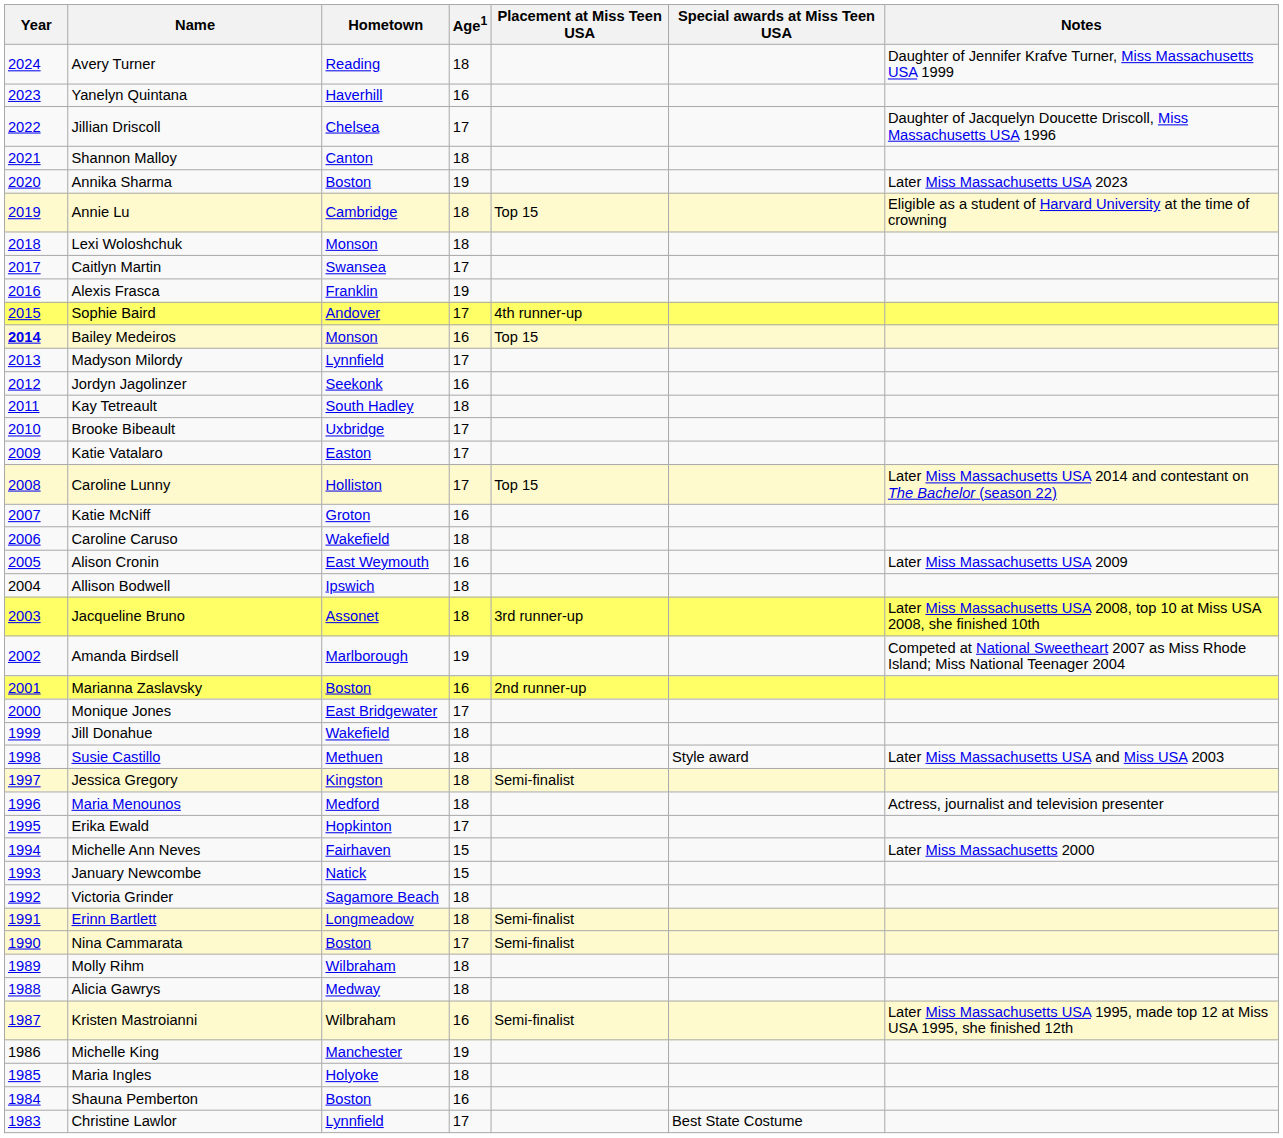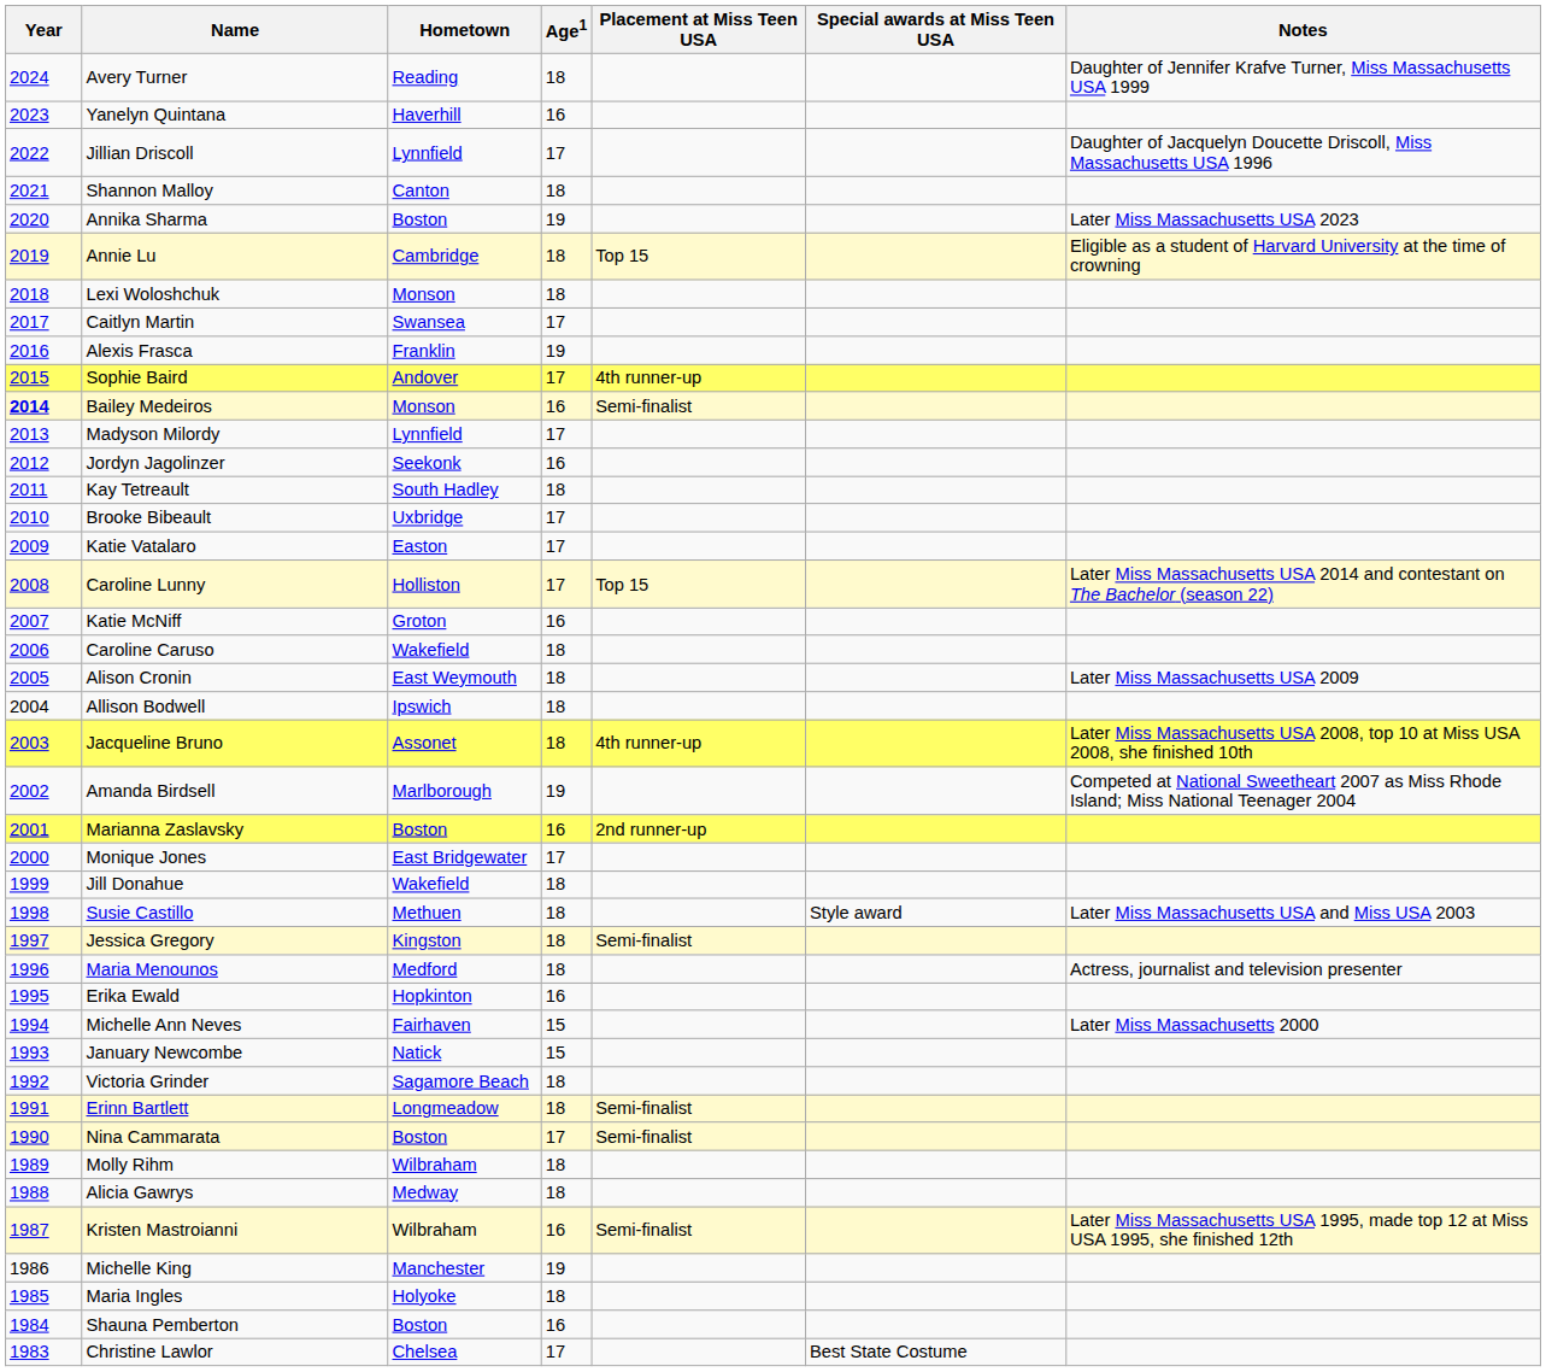 <table class="wikitable sortable" style="font-size:90%;">
 <tr bgcolor="#efefef">
 <th width=5%>Year</th>
 <th width=20%>Name</th>
 <th width=10%>Hometown</th>
 <th width=3%>Age<sup>1</sup></th>
 <th width=14%>Placement at Miss Teen USA</th>
 <th width=17%>Special awards at Miss Teen  USA</th>
 <th width=31%>Notes</th>
 </tr>
 <tr>
 <td><a href='#'>2024</a></td>
 <td>Avery Turner</td>
 <td><a href='#'>Reading</a></td>
 <td>18</td>
 <td></td>
 <td></td>
 <td>Daughter of Jennifer Krafve Turner, <a href='#'>Miss Massachusetts USA</a> 1999</td>
 </tr>
 <tr>
 <td><a href='#'>2023</a></td>
 <td>Yanelyn Quintana</td>
 <td><a href='#'>Haverhill</a></td>
 <td>16</td>
 <td></td>
 <td></td>
 <td></td>
 </tr>
 <tr>
 <td><a href='#'>2022</a></td>
 <td>Jillian Driscoll</td>
-<td><a href='#'>Chelsea</a></td>
+<td><a href='#'>Lynnfield</a></td>
 <td>17</td>
 <td></td>
 <td></td>
 <td>Daughter of Jacquelyn Doucette Driscoll, <a href='#'>Miss Massachusetts USA</a> 1996</td>
 </tr>
 <tr>
 <td><a href='#'>2021</a></td>
 <td>Shannon Malloy</td>
 <td><a href='#'>Canton</a></td>
 <td>18</td>
 <td></td>
 <td></td>
 <td></td>
 </tr>
 <tr>
 <td><a href='#'>2020</a></td>
 <td>Annika Sharma</td>
 <td><a href='#'>Boston</a></td>
 <td>19</td>
 <td></td>
 <td></td>
 <td>Later <a href='#'>Miss Massachusetts USA</a> 2023</td>
 </tr>
 <tr style="background-color:#FFFACD;">
 <td><a href='#'>2019</a></td>
 <td>Annie Lu</td>
 <td><a href='#'>Cambridge</a></td>
 <td>18</td>
 <td>Top 15</td>
 <td></td>
 <td>Eligible as a student of <a href='#'>Harvard University</a> at the time of crowning</td>
 </tr>
 <tr>
 <td><a href='#'>2018</a></td>
 <td>Lexi Woloshchuk</td>
 <td><a href='#'>Monson</a></td>
 <td>18</td>
 <td></td>
 <td></td>
 <td></td>
 </tr>
 <tr>
 <td><a href='#'>2017</a></td>
 <td>Caitlyn Martin</td>
 <td><a href='#'>Swansea</a></td>
 <td>17</td>
 <td></td>
 <td></td>
 <td></td>
 </tr>
 <tr>
 <td><a href='#'>2016</a></td>
 <td>Alexis Frasca</td>
 <td><a href='#'>Franklin</a></td>
 <td>19</td>
 <td></td>
 <td></td>
 <td></td>
 </tr>
 <tr style="background-color:#FFFF66;”">
 <td><a href='#'>2015</a></td>
 <td>Sophie Baird</td>
 <td><a href='#'>Andover</a></td>
 <td>17</td>
 <td>4th runner-up</td>
 <td></td>
 <td></td>
 </tr>
 <tr style="background-color:#FFFACD;”">
 <td><strong><a href='#'>2014</a></strong></td>
 <td>Bailey Medeiros</td>
 <td><a href='#'>Monson</a></td>
 <td>16</td>
-<td>Top 15</td>
+<td>Semi-finalist</td>
 <td></td>
 <td></td>
 </tr>
 <tr>
 <td><a href='#'>2013</a></td>
 <td>Madyson Milordy</td>
 <td><a href='#'>Lynnfield</a></td>
 <td>17</td>
 <td></td>
 <td></td>
 <td></td>
 </tr>
 <tr>
 <td><a href='#'>2012</a></td>
 <td>Jordyn Jagolinzer</td>
 <td><a href='#'>Seekonk</a></td>
 <td>16</td>
 <td></td>
 <td></td>
 <td></td>
 </tr>
 <tr>
 <td><a href='#'>2011</a></td>
 <td>Kay Tetreault</td>
 <td><a href='#'>South Hadley</a></td>
 <td>18</td>
 <td></td>
 <td></td>
 <td></td>
 </tr>
 <tr>
 <td><a href='#'>2010</a></td>
 <td>Brooke Bibeault</td>
 <td><a href='#'>Uxbridge</a></td>
 <td>17</td>
 <td></td>
 <td></td>
 <td></td>
 </tr>
 <tr>
 <td><a href='#'>2009</a></td>
 <td>Katie Vatalaro</td>
 <td><a href='#'>Easton</a></td>
 <td>17</td>
 <td></td>
 <td></td>
 <td></td>
 </tr>
 <tr style="background-color:#FFFACD;”">
 <td><a href='#'>2008</a></td>
 <td>Caroline Lunny</td>
 <td><a href='#'>Holliston</a></td>
 <td>17</td>
 <td>Top 15</td>
 <td></td>
 <td>Later <a href='#'>Miss Massachusetts USA</a> 2014 and contestant on <a href='#'><em>The Bachelor</em> (season 22)</a></td>
 </tr>
 <tr>
 <td><a href='#'>2007</a></td>
 <td>Katie McNiff</td>
 <td><a href='#'>Groton</a></td>
 <td>16</td>
 <td></td>
 <td></td>
 <td></td>
 </tr>
 <tr>
 <td><a href='#'>2006</a></td>
 <td>Caroline Caruso</td>
 <td><a href='#'>Wakefield</a></td>
 <td>18</td>
 <td></td>
 <td></td>
 <td></td>
 </tr>
 <tr>
 <td><a href='#'>2005</a></td>
 <td>Alison Cronin</td>
 <td><a href='#'>East Weymouth</a></td>
-<td>16</td>
+<td>18</td>
 <td></td>
 <td></td>
 <td>Later <a href='#'>Miss Massachusetts USA</a> 2009</td>
 </tr>
 <tr>
 <td>2004</td>
 <td>Allison Bodwell</td>
 <td><a href='#'>Ipswich</a></td>
 <td>18</td>
 <td></td>
 <td></td>
 <td></td>
 </tr>
 <tr style="background-color:#FFFF66;”">
 <td><a href='#'>2003</a></td>
 <td>Jacqueline Bruno</td>
 <td><a href='#'>Assonet</a></td>
 <td>18</td>
-<td>3rd runner-up</td>
+<td>4th runner-up</td>
 <td></td>
 <td>Later <a href='#'>Miss Massachusetts USA</a> 2008, top 10 at Miss USA 2008, she finished 10th</td>
 </tr>
 <tr>
 <td><a href='#'>2002</a></td>
 <td>Amanda Birdsell</td>
 <td><a href='#'>Marlborough</a></td>
 <td>19</td>
 <td></td>
 <td></td>
 <td>Competed at <a href='#'>National Sweetheart</a> 2007 as Miss Rhode Island; Miss National Teenager 2004</td>
 </tr>
 <tr style="background-color:#FFFF66;”">
 <td><a href='#'>2001</a></td>
 <td>Marianna Zaslavsky</td>
 <td><a href='#'>Boston</a></td>
 <td>16</td>
 <td>2nd runner-up</td>
 <td></td>
 <td></td>
 </tr>
 <tr>
 <td><a href='#'>2000</a></td>
 <td>Monique Jones</td>
 <td><a href='#'>East Bridgewater</a></td>
 <td>17</td>
 <td></td>
 <td></td>
 <td></td>
 </tr>
 <tr>
 <td><a href='#'>1999</a></td>
 <td>Jill Donahue</td>
 <td><a href='#'>Wakefield</a></td>
 <td>18</td>
 <td></td>
 <td></td>
 <td></td>
 </tr>
 <tr>
 <td><a href='#'>1998</a></td>
 <td><a href='#'>Susie Castillo</a></td>
 <td><a href='#'>Methuen</a></td>
 <td>18</td>
 <td></td>
 <td>Style award</td>
 <td>Later <a href='#'>Miss Massachusetts USA</a> and <a href='#'>Miss USA</a> 2003</td>
 </tr>
 <tr style="background-color:#FFFACD;”">
 <td><a href='#'>1997</a></td>
 <td>Jessica Gregory</td>
 <td><a href='#'>Kingston</a></td>
 <td>18</td>
 <td>Semi-finalist</td>
 <td></td>
 <td></td>
 </tr>
 <tr>
 <td><a href='#'>1996</a></td>
 <td><a href='#'>Maria Menounos</a></td>
 <td><a href='#'>Medford</a></td>
 <td>18</td>
 <td></td>
 <td></td>
 <td>Actress, journalist and television presenter</td>
 </tr>
 <tr>
 <td><a href='#'>1995</a></td>
 <td>Erika Ewald</td>
 <td><a href='#'>Hopkinton</a></td>
-<td>17</td>
+<td>16</td>
 <td></td>
 <td></td>
 <td></td>
 </tr>
 <tr>
 <td><a href='#'>1994</a></td>
 <td>Michelle Ann Neves</td>
 <td><a href='#'>Fairhaven</a></td>
 <td>15</td>
 <td></td>
 <td></td>
 <td>Later <a href='#'>Miss Massachusetts</a> 2000</td>
 </tr>
 <tr>
 <td><a href='#'>1993</a></td>
 <td>January Newcombe</td>
 <td><a href='#'>Natick</a></td>
 <td>15</td>
 <td></td>
 <td></td>
 <td></td>
 </tr>
 <tr>
 <td><a href='#'>1992</a></td>
 <td>Victoria Grinder</td>
 <td><a href='#'>Sagamore Beach</a></td>
 <td>18</td>
 <td></td>
 <td></td>
 <td></td>
 </tr>
 <tr style="background-color:#FFFACD;”">
 <td><a href='#'>1991</a></td>
 <td><a href='#'>Erinn Bartlett</a></td>
 <td><a href='#'>Longmeadow</a></td>
 <td>18</td>
 <td>Semi-finalist</td>
 <td></td>
 <td></td>
 </tr>
 <tr style="background-color:#FFFACD;”">
 <td><a href='#'>1990</a></td>
 <td>Nina Cammarata</td>
 <td><a href='#'>Boston</a></td>
 <td>17</td>
 <td>Semi-finalist</td>
 <td></td>
 <td></td>
 </tr>
 <tr>
 <td><a href='#'>1989</a></td>
 <td>Molly Rihm</td>
 <td><a href='#'>Wilbraham</a></td>
 <td>18</td>
 <td></td>
 <td></td>
 <td></td>
 </tr>
 <tr>
 <td><a href='#'>1988</a></td>
 <td>Alicia Gawrys</td>
 <td><a href='#'>Medway</a></td>
 <td>18</td>
 <td></td>
 <td></td>
 <td></td>
 </tr>
 <tr style="background-color:#FFFACD;”">
 <td><a href='#'>1987</a></td>
 <td>Kristen Mastroianni</td>
 <td>Wilbraham</td>
 <td>16</td>
 <td>Semi-finalist</td>
 <td></td>
 <td>Later <a href='#'>Miss Massachusetts USA</a> 1995, made top 12 at Miss USA 1995, she finished 12th</td>
 </tr>
 <tr>
 <td>1986</td>
 <td>Michelle King</td>
 <td><a href='#'>Manchester</a></td>
 <td>19</td>
 <td></td>
 <td></td>
 <td></td>
 </tr>
 <tr>
 <td><a href='#'>1985</a></td>
 <td>Maria Ingles</td>
 <td><a href='#'>Holyoke</a></td>
 <td>18</td>
 <td></td>
 <td></td>
 <td></td>
 </tr>
 <tr>
 <td><a href='#'>1984</a></td>
 <td>Shauna Pemberton</td>
 <td><a href='#'>Boston</a></td>
 <td>16</td>
 <td></td>
 <td></td>
 <td></td>
 </tr>
 <tr>
 <td><a href='#'>1983</a></td>
 <td>Christine Lawlor</td>
-<td><a href='#'>Lynnfield</a></td>
+<td><a href='#'>Chelsea</a></td>
 <td>17</td>
 <td></td>
 <td>Best State Costume</td>
 <td></td>
 </tr>
 </table>
